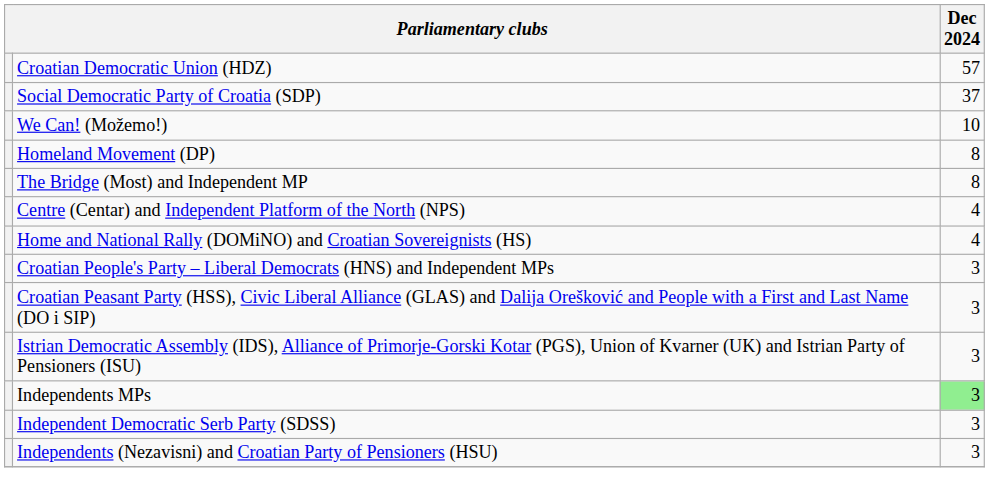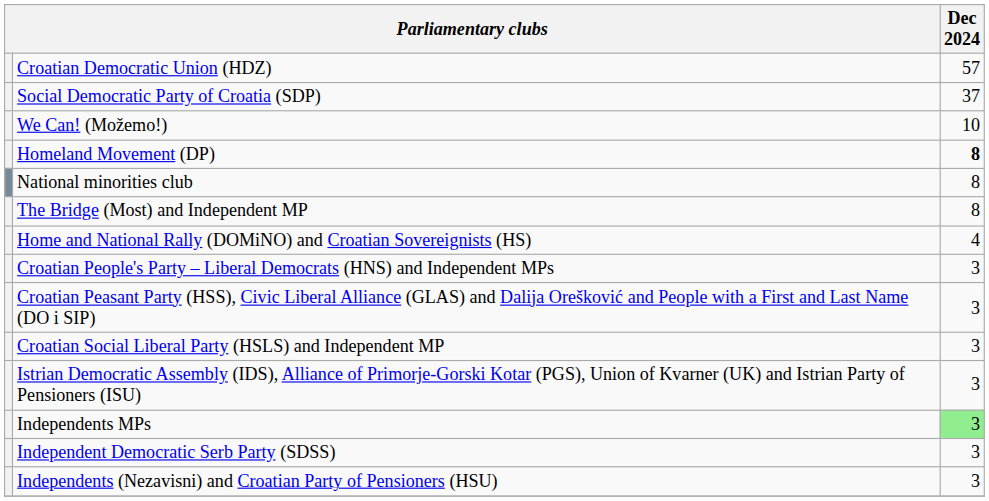 <table class="wikitable">
 <tr>
 <th colspan="2"><em>Parliamentary clubs</em></th>
 <th>Dec<br>2024</th>
 </tr>
 <tr>
 <th style="background-color: "></th>
 <td><a href='#'>Croatian Democratic Union</a> (HDZ)</td>
 <td align="right">57</td>
 </tr>
 <tr>
 <th style="background-color: "></th>
 <td><a href='#'>Social Democratic Party of Croatia</a> (SDP)</td>
 <td align="right">37</td>
 </tr>
 <tr>
 <th style="background-color: "></th>
 <td><a href='#'>We Can!</a> (Možemo!)</td>
 <td align="right">10</td>
 </tr>
 <tr>
 <th style="background-color: "></th>
 <td><a href='#'>Homeland Movement</a> (DP)</td>
+<td align="right"><strong>8</strong></td>
+</tr>
+<tr>
+<th style="background-color: #778899"></th>
+<td>National minorities club</td>
 <td align="right">8</td>
 </tr>
 <tr>
 <th style="background-color: "></th>
 <td><a href='#'>The Bridge</a> (Most) and Independent MP</td>
 <td align="right">8</td>
-</tr>
-<tr>
-<th style="background-color: "></th>
-<td><a href='#'>Centre</a> (Centar) and <a href='#'>Independent Platform of the North</a> (NPS)</td>
-<td align="right">4</td>
 </tr>
 <tr>
 <th style="background-color: "></th>
 <td><a href='#'>Home and National Rally</a> (DOMiNO) and <a href='#'>Croatian Sovereignists</a> (HS)</td>
 <td align="right">4</td>
 </tr>
 <tr>
 <th style="background-color: "></th>
 <td><a href='#'>Croatian People's Party – Liberal Democrats</a> (HNS) and Independent MPs</td>
 <td align="right">3</td>
 </tr>
 <tr>
 <th style="background-color: "></th>
 <td><a href='#'>Croatian Peasant Party</a> (HSS), <a href='#'>Civic Liberal Alliance</a> (GLAS) and <a href='#'>Dalija Orešković and People with a First and Last Name</a> (DO i SIP)</td>
+<td align="right">3</td>
+</tr>
+<tr>
+<th style="background-color: "></th>
+<td><a href='#'>Croatian Social Liberal Party</a> (HSLS) and Independent MP</td>
 <td align="right">3</td>
 </tr>
 <tr>
 <th style="background-color: "></th>
 <td><a href='#'>Istrian Democratic Assembly</a> (IDS), <a href='#'>Alliance of Primorje-Gorski Kotar</a> (PGS), Union of Kvarner (UK) and Istrian Party of Pensioners (ISU)</td>
 <td align="right">3</td>
 </tr>
 <tr>
 <th style="background-color: "></th>
 <td>Independents MPs</td>
 <td align="right" style="background: lightgreen;">3</td>
 </tr>
 <tr>
 <th style="background-color: "></th>
 <td><a href='#'>Independent Democratic Serb Party</a> (SDSS)</td>
 <td align="right">3</td>
 </tr>
 <tr>
 <th style="background-color: "></th>
 <td><a href='#'>Independents</a> (Nezavisni) and <a href='#'>Croatian Party of Pensioners</a> (HSU)</td>
 <td align="right">3</td>
 </tr>
 <tr>
 </tr>
 </table>
